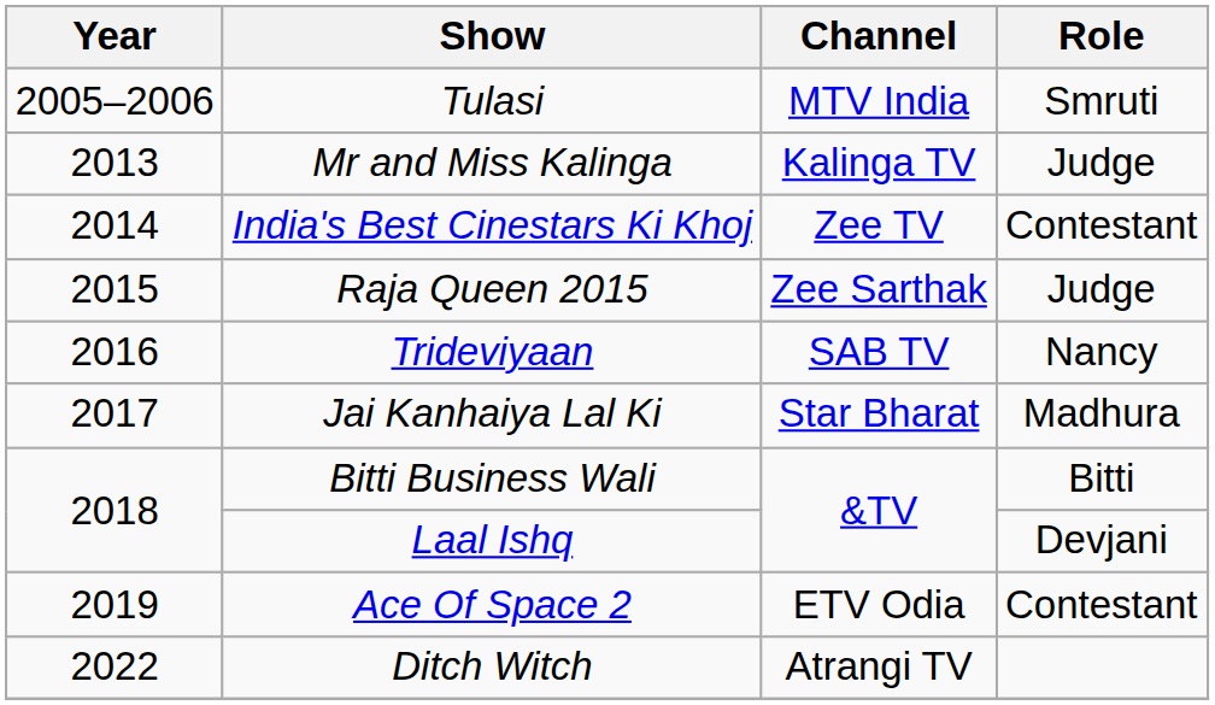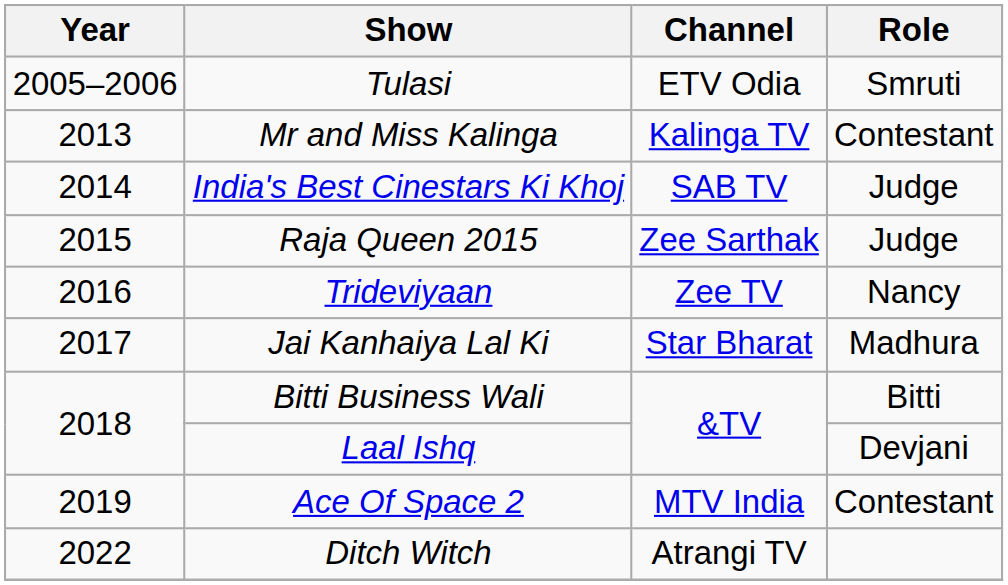 <table class="wikitable" style="text-align:center;">
 <tr>
 <th>Year</th>
 <th>Show</th>
 <th>Channel</th>
 <th>Role</th>
 </tr>
 <tr>
 <td>2005–2006</td>
 <td><em>Tulasi</em></td>
-<td><a href='#'>MTV India</a></td>
+<td>ETV Odia</td>
 <td>Smruti</td>
 </tr>
 <tr>
 <td>2013</td>
 <td><em>Mr and Miss Kalinga</em></td>
 <td><a href='#'>Kalinga TV</a></td>
-<td>Judge</td>
+<td>Contestant</td>
 </tr>
 <tr>
 <td>2014</td>
 <td><em><a href='#'>India's Best Cinestars Ki Khoj</a></em></td>
-<td><a href='#'>Zee TV</a></td>
-<td>Contestant</td>
+<td><a href='#'>SAB TV</a></td>
+<td>Judge</td>
 </tr>
 <tr>
 <td>2015</td>
 <td><em>Raja Queen 2015</em></td>
 <td><a href='#'>Zee Sarthak</a></td>
 <td>Judge</td>
 </tr>
 <tr>
 <td>2016</td>
 <td><em><a href='#'>Trideviyaan</a></em></td>
-<td><a href='#'>SAB TV</a></td>
+<td><a href='#'>Zee TV</a></td>
 <td>Nancy</td>
 </tr>
 <tr>
 <td>2017</td>
 <td><em>Jai Kanhaiya Lal Ki</em><br></td>
 <td><a href='#'>Star Bharat</a></td>
 <td>Madhura <br></td>
 </tr>
 <tr>
 <td rowspan="2">2018</td>
 <td><em>Bitti Business Wali</em></td>
 <td rowspan="2"><a href='#'>&TV</a></td>
 <td>Bitti</td>
 </tr>
 <tr>
 <td><em><a href='#'>Laal Ishq</a></em></td>
 <td>Devjani</td>
 </tr>
 <tr>
 <td>2019</td>
 <td><em><a href='#'>Ace Of Space 2</a></em></td>
-<td>ETV Odia</td>
+<td><a href='#'>MTV India</a></td>
 <td>Contestant <br></td>
 </tr>
 <tr>
 <td>2022</td>
 <td><em>Ditch Witch</em></td>
 <td>Atrangi TV</td>
 <td></td>
 </tr>
 <tr>
 </tr>
 </table>
